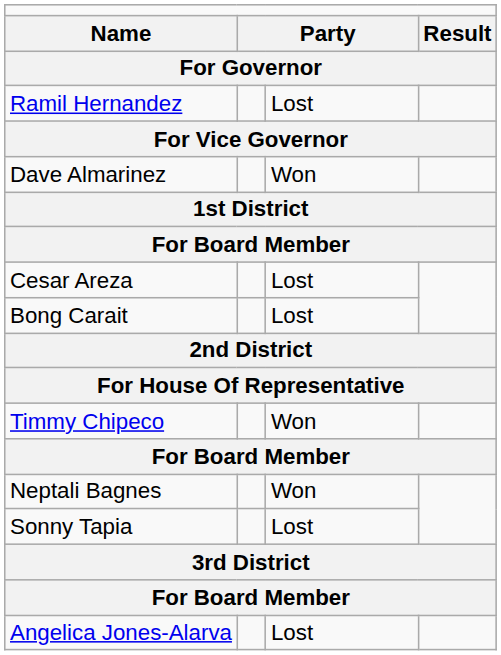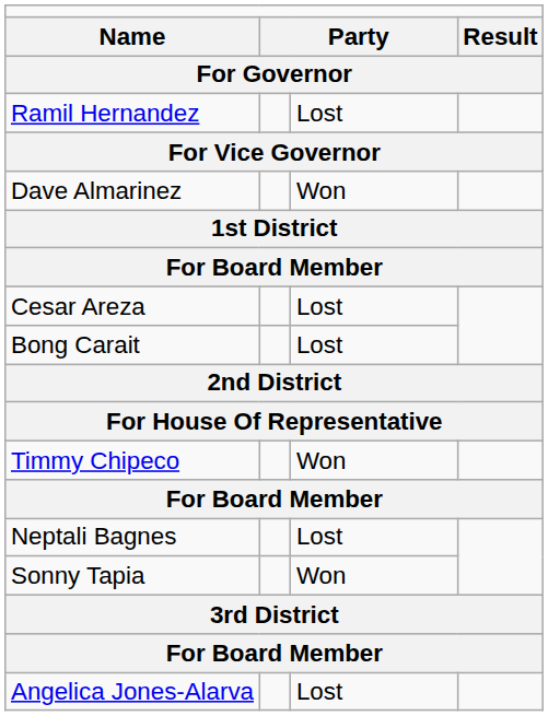 <table class="wikitable" style="font-size:90%">
 <tr>
 <td colspan="5" style="color:inherit;background:"></td>
 </tr>
 <tr>
 <th !width=150px>Name</th>
 <th colspan=2 width=110px>Party</th>
 <th>Result</th>
 </tr>
 <tr>
 <th colspan="5">For Governor</th>
 </tr>
 <tr>
 <td><a href='#'>Ramil Hernandez</a></td>
 <td></td>
 <td>Lost</td>
 </tr>
 <tr>
 <th colspan="5">For Vice Governor</th>
 </tr>
 <tr>
 <td>Dave Almarinez</td>
 <td></td>
 <td>Won</td>
 </tr>
 <tr>
 <th colspan="5">1st District</th>
 </tr>
 <tr>
 <th colspan="5">For Board Member</th>
 </tr>
 <tr>
 <td>Cesar Areza</td>
 <td></td>
 <td>Lost</td>
 </tr>
 <tr>
 <td>Bong Carait</td>
 <td></td>
 <td>Lost</td>
 </tr>
 <tr>
 <th colspan="5">2nd District</th>
 </tr>
 <tr>
 <th colspan="5">For House Of Representative</th>
 </tr>
 <tr>
 <td><a href='#'>Timmy Chipeco</a></td>
 <td></td>
 <td>Won</td>
 </tr>
 <tr>
 <th colspan="5">For Board Member</th>
 </tr>
 <tr>
 <td>Neptali Bagnes</td>
 <td></td>
-<td>Won</td>
+<td>Lost</td>
 </tr>
 <tr>
 <td>Sonny Tapia</td>
 <td></td>
-<td>Lost</td>
+<td>Won</td>
 </tr>
 <tr>
 <th colspan="5">3rd District</th>
 </tr>
 <tr>
 <th colspan="5">For Board Member</th>
 </tr>
 <tr>
 <td><a href='#'>Angelica Jones-Alarva</a></td>
 <td></td>
 <td>Lost</td>
 </tr>
 </table>
